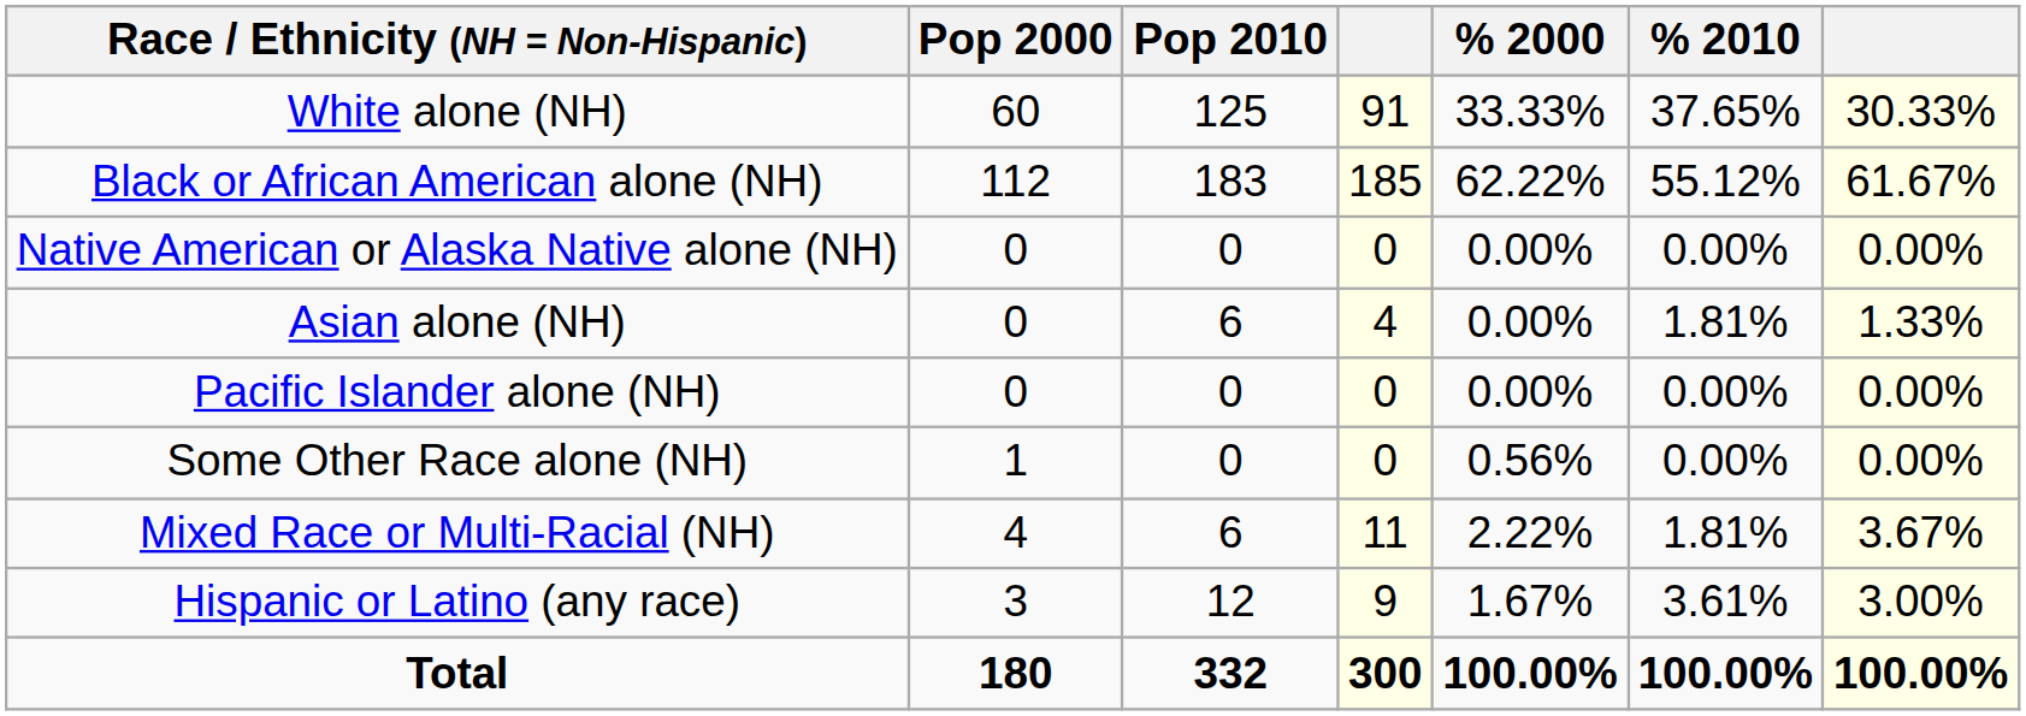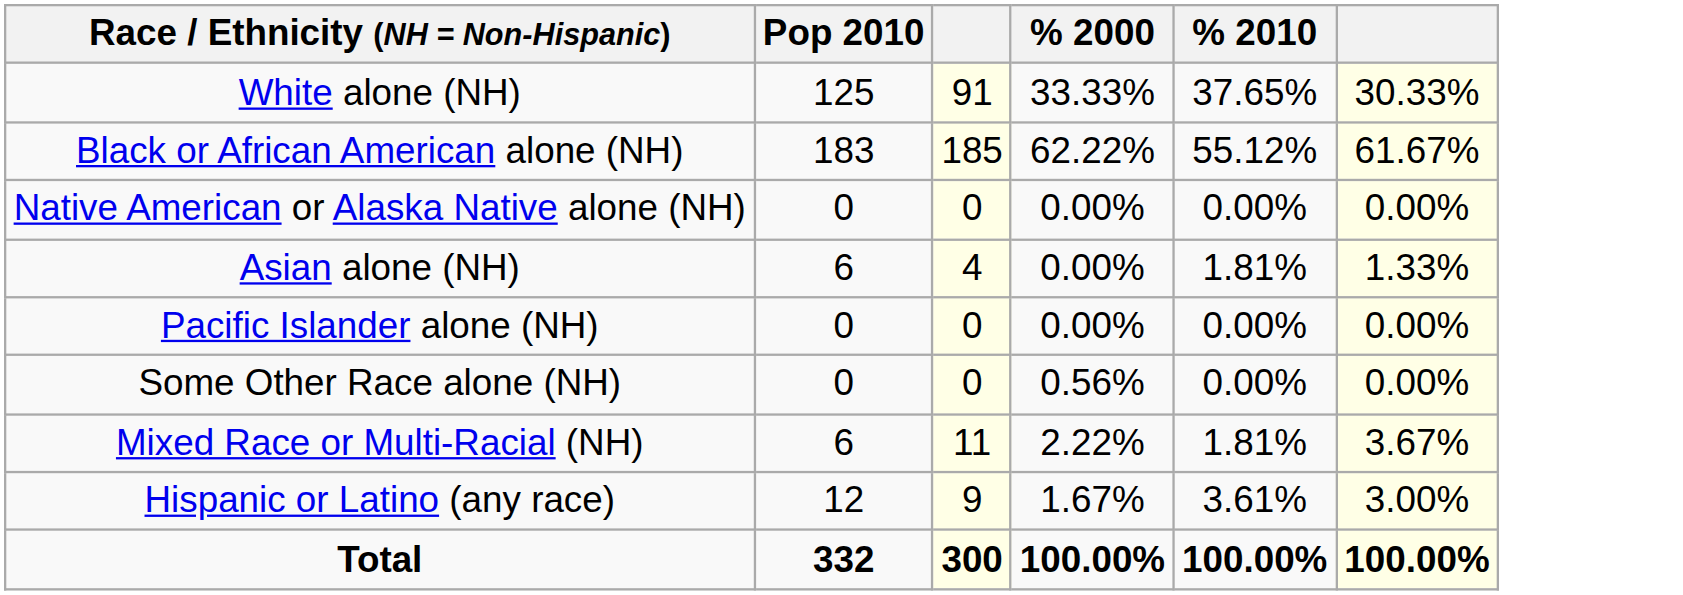 <table class="wikitable" style="text-align:center;">
 <tr>
 <th>Race / Ethnicity <small>(<em>NH = Non-Hispanic</em>)</small></th>
-<th>Pop 2000</th>
 <th>Pop 2010</th>
 <th></th>
 <th>% 2000</th>
 <th>% 2010</th>
 <th></th>
 </tr>
 <tr>
 <td><a href='#'>White</a> alone (NH)</td>
-<td>60</td>
 <td>125</td>
 <td style='background: #ffffe6;'>91</td>
 <td>33.33%</td>
 <td>37.65%</td>
 <td style='background: #ffffe6;'>30.33%</td>
 </tr>
 <tr>
 <td><a href='#'>Black or African American</a> alone (NH)</td>
-<td>112</td>
 <td>183</td>
 <td style='background: #ffffe6;'>185</td>
 <td>62.22%</td>
 <td>55.12%</td>
 <td style='background: #ffffe6;'>61.67%</td>
 </tr>
 <tr>
 <td><a href='#'>Native American</a> or <a href='#'>Alaska Native</a> alone (NH)</td>
 <td>0</td>
-<td>0</td>
 <td style='background: #ffffe6;'>0</td>
 <td>0.00%</td>
 <td>0.00%</td>
 <td style='background: #ffffe6;'>0.00%</td>
 </tr>
 <tr>
 <td><a href='#'>Asian</a> alone (NH)</td>
-<td>0</td>
 <td>6</td>
 <td style='background: #ffffe6;'>4</td>
 <td>0.00%</td>
 <td>1.81%</td>
 <td style='background: #ffffe6;'>1.33%</td>
 </tr>
 <tr>
 <td><a href='#'>Pacific Islander</a> alone (NH)</td>
 <td>0</td>
-<td>0</td>
 <td style='background: #ffffe6;'>0</td>
 <td>0.00%</td>
 <td>0.00%</td>
 <td style='background: #ffffe6;'>0.00%</td>
 </tr>
 <tr>
 <td>Some Other Race alone (NH)</td>
-<td>1</td>
 <td>0</td>
 <td style='background: #ffffe6;'>0</td>
 <td>0.56%</td>
 <td>0.00%</td>
 <td style='background: #ffffe6;'>0.00%</td>
 </tr>
 <tr>
 <td><a href='#'>Mixed Race or Multi-Racial</a> (NH)</td>
-<td>4</td>
 <td>6</td>
 <td style='background: #ffffe6;'>11</td>
 <td>2.22%</td>
 <td>1.81%</td>
 <td style='background: #ffffe6;'>3.67%</td>
 </tr>
 <tr>
 <td><a href='#'>Hispanic or Latino</a> (any race)</td>
-<td>3</td>
 <td>12</td>
 <td style='background: #ffffe6;'>9</td>
 <td>1.67%</td>
 <td>3.61%</td>
 <td style='background: #ffffe6;'>3.00%</td>
 </tr>
 <tr>
 <td><strong>Total</strong></td>
-<td><strong>180</strong></td>
 <td><strong>332</strong></td>
 <td style='background: #ffffe6;'><strong>300</strong></td>
 <td><strong>100.00%</strong></td>
 <td><strong>100.00%</strong></td>
 <td style='background: #ffffe6;'><strong>100.00%</strong></td>
 </tr>
 </table>
